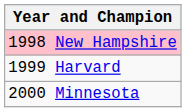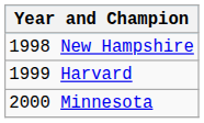 <table class="wikitable">
 <tr ! style="background-color: #87D3F8;">
 <th>Year and Champion</th>
 </tr>
 <tr --->
-<td style="background: pink;">1998 <a href='#'>New Hampshire</a></td>
+<td>1998 <a href='#'>New Hampshire</a></td>
 </tr>
 <tr --->
 <td>1999 <a href='#'>Harvard</a></td>
 </tr>
 <tr --->
 <td>2000 <a href='#'>Minnesota</a></td>
 </tr>
 <tr --->
 </tr>
 </table>
